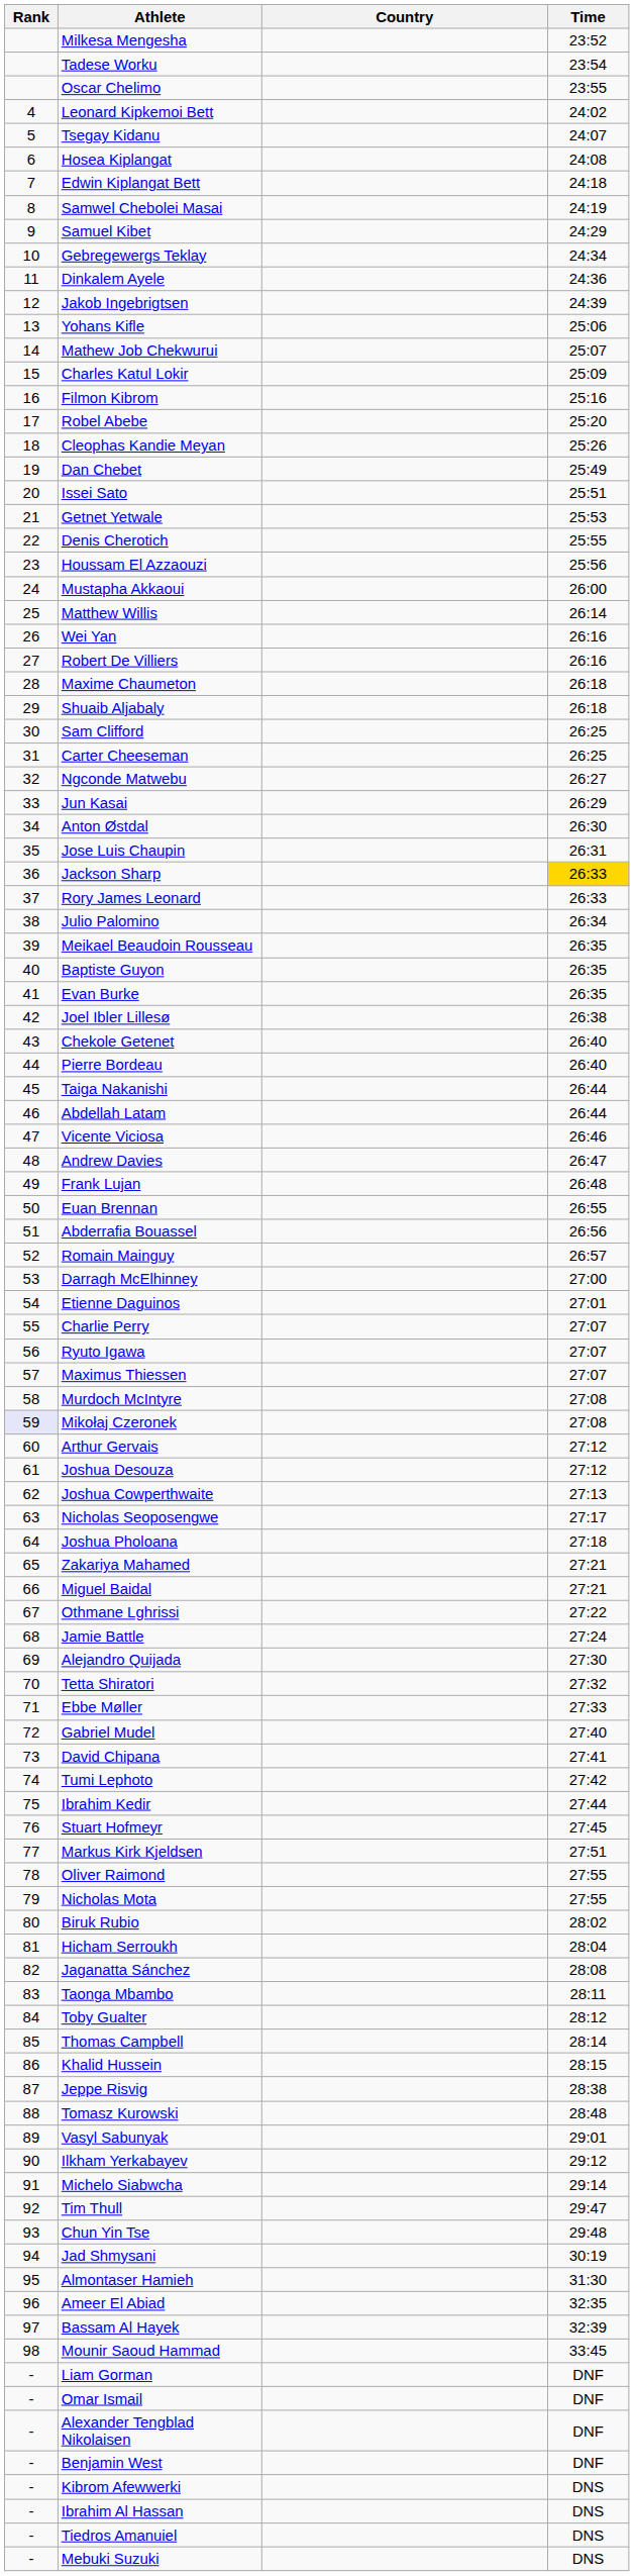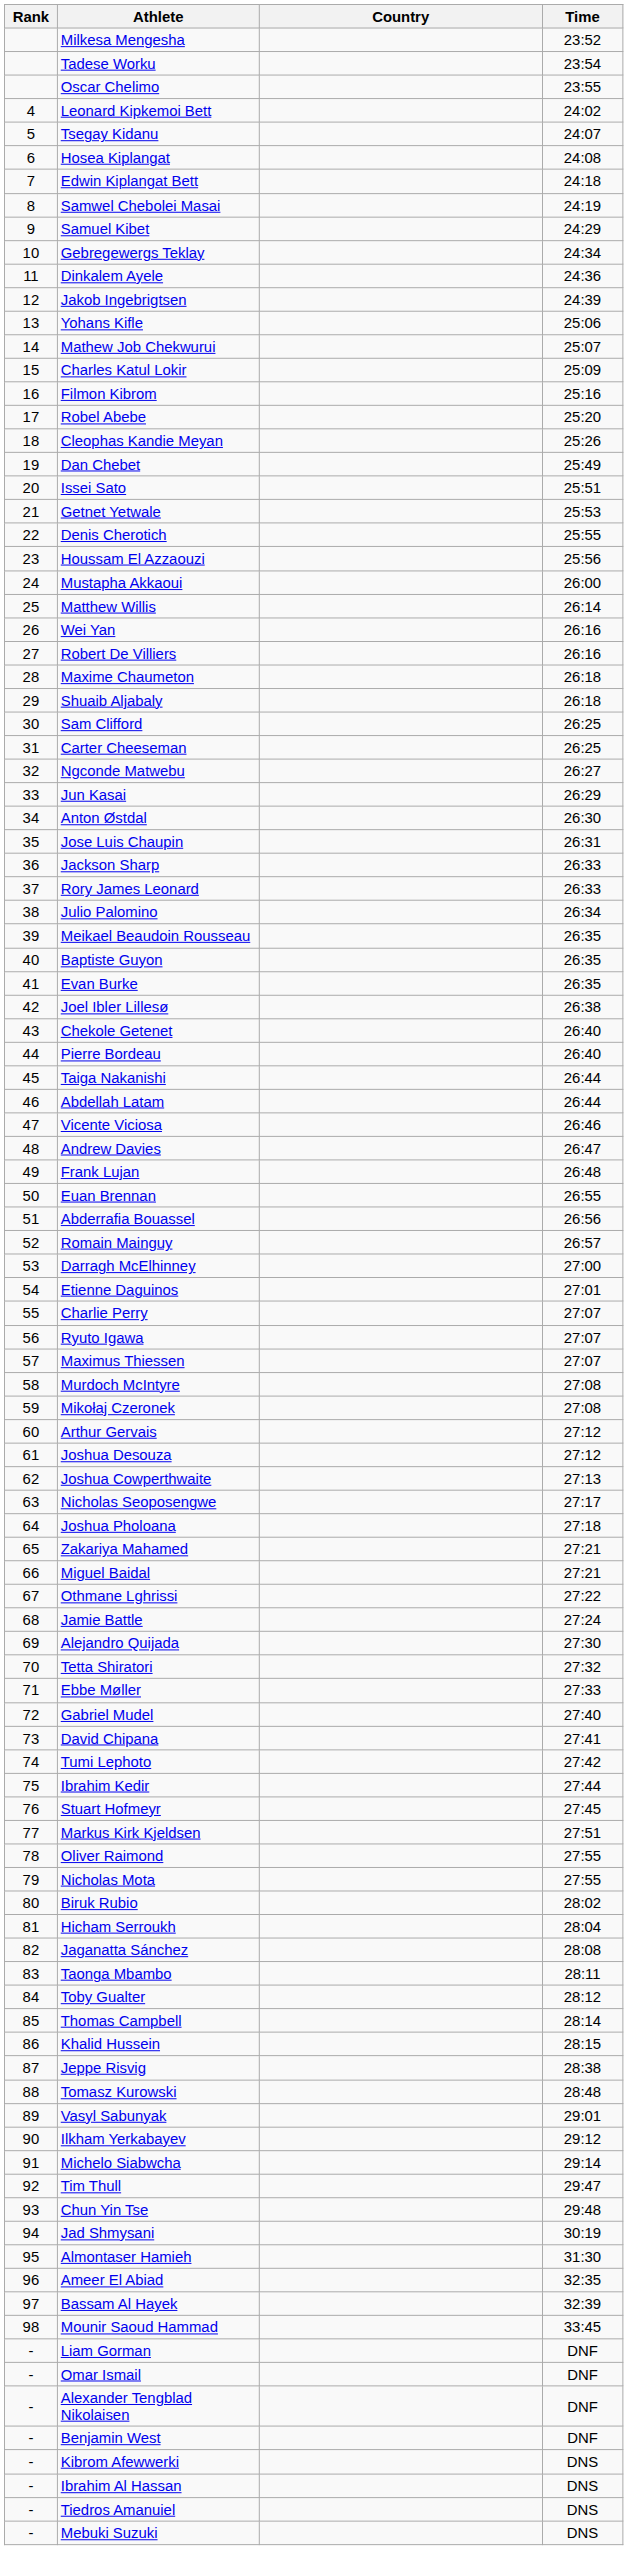 <table class="wikitable sortable" style=" text-align:center; font-size:95%;" width="50%">
 <tr>
 <th width=5%>Rank</th>
 <th width=25%>Athlete</th>
 <th width=35%>Country</th>
 <th width=10%>Time</th>
 </tr>
 <tr>
 <td align=center></td>
 <td align=left><a href='#'>Milkesa Mengesha</a></td>
 <td align=left></td>
 <td>23:52</td>
 </tr>
 <tr>
 <td align=center></td>
 <td align=left><a href='#'>Tadese Worku</a></td>
 <td align=left></td>
 <td>23:54</td>
 </tr>
 <tr>
 <td align=center></td>
 <td align=left><a href='#'>Oscar Chelimo</a></td>
 <td align=left></td>
 <td>23:55</td>
 </tr>
 <tr>
 <td align=center>4</td>
 <td align=left><a href='#'>Leonard Kipkemoi Bett</a></td>
 <td align=left></td>
 <td>24:02</td>
 </tr>
 <tr>
 <td align=center>5</td>
 <td align=left><a href='#'>Tsegay Kidanu</a></td>
 <td align=left></td>
 <td>24:07</td>
 </tr>
 <tr>
 <td align=center>6</td>
 <td align=left><a href='#'>Hosea Kiplangat</a></td>
 <td align=left></td>
 <td>24:08</td>
 </tr>
 <tr>
 <td align=center>7</td>
 <td align=left><a href='#'>Edwin Kiplangat Bett</a></td>
 <td align=left></td>
 <td>24:18</td>
 </tr>
 <tr>
 <td align=center>8</td>
 <td align=left><a href='#'>Samwel Chebolei Masai</a></td>
 <td align=left></td>
 <td>24:19</td>
 </tr>
 <tr>
 <td align=center>9</td>
 <td align=left><a href='#'>Samuel Kibet</a></td>
 <td align=left></td>
 <td>24:29</td>
 </tr>
 <tr>
 <td align=center>10</td>
 <td align=left><a href='#'>Gebregewergs Teklay</a></td>
 <td align=left></td>
 <td>24:34</td>
 </tr>
 <tr>
 <td align=center>11</td>
 <td align=left><a href='#'>Dinkalem Ayele</a></td>
 <td align=left></td>
 <td>24:36</td>
 </tr>
 <tr>
 <td align=center>12</td>
 <td align=left><a href='#'>Jakob Ingebrigtsen</a></td>
 <td align=left></td>
 <td>24:39</td>
 </tr>
 <tr>
 <td align=center>13</td>
 <td align=left><a href='#'>Yohans Kifle</a></td>
 <td align=left></td>
 <td>25:06</td>
 </tr>
 <tr>
 <td align=center>14</td>
 <td align=left><a href='#'>Mathew Job Chekwurui</a></td>
 <td align=left></td>
 <td>25:07</td>
 </tr>
 <tr>
 <td align=center>15</td>
 <td align=left><a href='#'>Charles Katul Lokir</a></td>
 <td align=left></td>
 <td>25:09</td>
 </tr>
 <tr>
 <td align=center>16</td>
 <td align=left><a href='#'>Filmon Kibrom</a></td>
 <td align=left></td>
 <td>25:16</td>
 </tr>
 <tr>
 <td align=center>17</td>
 <td align=left><a href='#'>Robel Abebe</a></td>
 <td align=left></td>
 <td>25:20</td>
 </tr>
 <tr>
 <td align=center>18</td>
 <td align=left><a href='#'>Cleophas Kandie Meyan</a></td>
 <td align=left></td>
 <td>25:26</td>
 </tr>
 <tr>
 <td align=center>19</td>
 <td align=left><a href='#'>Dan Chebet</a></td>
 <td align=left></td>
 <td>25:49</td>
 </tr>
 <tr>
 <td align=center>20</td>
 <td align=left><a href='#'>Issei Sato</a></td>
 <td align=left></td>
 <td>25:51</td>
 </tr>
 <tr>
 <td align=center>21</td>
 <td align=left><a href='#'>Getnet Yetwale</a></td>
 <td align=left></td>
 <td>25:53</td>
 </tr>
 <tr>
 <td align=center>22</td>
 <td align=left><a href='#'>Denis Cherotich</a></td>
 <td align=left></td>
 <td>25:55</td>
 </tr>
 <tr>
 <td align=center>23</td>
 <td align=left><a href='#'>Houssam El Azzaouzi</a></td>
 <td align=left></td>
 <td>25:56</td>
 </tr>
 <tr>
 <td align=center>24</td>
 <td align=left><a href='#'>Mustapha Akkaoui</a></td>
 <td align=left></td>
 <td>26:00</td>
 </tr>
 <tr>
 <td align=center>25</td>
 <td align=left><a href='#'>Matthew Willis</a></td>
 <td align=left></td>
 <td>26:14</td>
 </tr>
 <tr>
 <td align=center>26</td>
 <td align=left><a href='#'>Wei Yan</a></td>
 <td align=left></td>
 <td>26:16</td>
 </tr>
 <tr>
 <td align=center>27</td>
 <td align=left><a href='#'>Robert De Villiers</a></td>
 <td align=left></td>
 <td>26:16</td>
 </tr>
 <tr>
 <td align=center>28</td>
 <td align=left><a href='#'>Maxime Chaumeton</a></td>
 <td align=left></td>
 <td>26:18</td>
 </tr>
 <tr>
 <td align=center>29</td>
 <td align=left><a href='#'>Shuaib Aljabaly</a></td>
 <td align=left></td>
 <td>26:18</td>
 </tr>
 <tr>
 <td align=center>30</td>
 <td align=left><a href='#'>Sam Clifford</a></td>
 <td align=left></td>
 <td>26:25</td>
 </tr>
 <tr>
 <td align=center>31</td>
 <td align=left><a href='#'>Carter Cheeseman</a></td>
 <td align=left></td>
 <td>26:25</td>
 </tr>
 <tr>
 <td align=center>32</td>
 <td align=left><a href='#'>Ngconde Matwebu</a></td>
 <td align=left></td>
 <td>26:27</td>
 </tr>
 <tr>
 <td align=center>33</td>
 <td align=left><a href='#'>Jun Kasai</a></td>
 <td align=left></td>
 <td>26:29</td>
 </tr>
 <tr>
 <td align=center>34</td>
 <td align=left><a href='#'>Anton Østdal</a></td>
 <td align=left></td>
 <td>26:30</td>
 </tr>
 <tr>
 <td align=center>35</td>
 <td align=left><a href='#'>Jose Luis Chaupin</a></td>
 <td align=left></td>
 <td>26:31</td>
 </tr>
 <tr>
 <td align=center>36</td>
 <td align=left><a href='#'>Jackson Sharp</a></td>
 <td align=left></td>
-<td style="background: gold;">26:33</td>
+<td>26:33</td>
 </tr>
 <tr>
 <td align=center>37</td>
 <td align=left><a href='#'>Rory James Leonard</a></td>
 <td align=left></td>
 <td>26:33</td>
 </tr>
 <tr>
 <td align=center>38</td>
 <td align=left><a href='#'>Julio Palomino</a></td>
 <td align=left></td>
 <td>26:34</td>
 </tr>
 <tr>
 <td align=center>39</td>
 <td align=left><a href='#'>Meikael Beaudoin Rousseau</a></td>
 <td align=left></td>
 <td>26:35</td>
 </tr>
 <tr>
 <td align=center>40</td>
 <td align=left><a href='#'>Baptiste Guyon</a></td>
 <td align=left></td>
 <td>26:35</td>
 </tr>
 <tr>
 <td align=center>41</td>
 <td align=left><a href='#'>Evan Burke</a></td>
 <td align=left></td>
 <td>26:35</td>
 </tr>
 <tr>
 <td align=center>42</td>
 <td align=left><a href='#'>Joel Ibler Lillesø</a></td>
 <td align=left></td>
 <td>26:38</td>
 </tr>
 <tr>
 <td align=center>43</td>
 <td align=left><a href='#'>Chekole Getenet</a></td>
 <td align=left></td>
 <td>26:40</td>
 </tr>
 <tr>
 <td align=center>44</td>
 <td align=left><a href='#'>Pierre Bordeau</a></td>
 <td align=left></td>
 <td>26:40</td>
 </tr>
 <tr>
 <td align=center>45</td>
 <td align=left><a href='#'>Taiga Nakanishi</a></td>
 <td align=left></td>
 <td>26:44</td>
 </tr>
 <tr>
 <td align=center>46</td>
 <td align=left><a href='#'>Abdellah Latam</a></td>
 <td align=left></td>
 <td>26:44</td>
 </tr>
 <tr>
 <td align=center>47</td>
 <td align=left><a href='#'>Vicente Viciosa</a></td>
 <td align=left></td>
 <td>26:46</td>
 </tr>
 <tr>
 <td align=center>48</td>
 <td align=left><a href='#'>Andrew Davies</a></td>
 <td align=left></td>
 <td>26:47</td>
 </tr>
 <tr>
 <td align=center>49</td>
 <td align=left><a href='#'>Frank Lujan</a></td>
 <td align=left></td>
 <td>26:48</td>
 </tr>
 <tr>
 <td align=center>50</td>
 <td align=left><a href='#'>Euan Brennan</a></td>
 <td align=left></td>
 <td>26:55</td>
 </tr>
 <tr>
 <td align=center>51</td>
 <td align=left><a href='#'>Abderrafia Bouassel</a></td>
 <td align=left></td>
 <td>26:56</td>
 </tr>
 <tr>
 <td align=center>52</td>
 <td align=left><a href='#'>Romain Mainguy</a></td>
 <td align=left></td>
 <td>26:57</td>
 </tr>
 <tr>
 <td align=center>53</td>
 <td align=left><a href='#'>Darragh McElhinney</a></td>
 <td align=left></td>
 <td>27:00</td>
 </tr>
 <tr>
 <td align=center>54</td>
 <td align=left><a href='#'>Etienne Daguinos</a></td>
 <td align=left></td>
 <td>27:01</td>
 </tr>
 <tr>
 <td align=center>55</td>
 <td align=left><a href='#'>Charlie Perry</a></td>
 <td align=left></td>
 <td>27:07</td>
 </tr>
 <tr>
 <td align=center>56</td>
 <td align=left><a href='#'>Ryuto Igawa</a></td>
 <td align=left></td>
 <td>27:07</td>
 </tr>
 <tr>
 <td align=center>57</td>
 <td align=left><a href='#'>Maximus Thiessen</a></td>
 <td align=left></td>
 <td>27:07</td>
 </tr>
 <tr>
 <td align=center>58</td>
 <td align=left><a href='#'>Murdoch McIntyre</a></td>
 <td align=left></td>
 <td>27:08</td>
 </tr>
 <tr>
-<td align=center style="background: lavender;">59</td>
+<td align=center>59</td>
 <td align=left><a href='#'>Mikołaj Czeronek</a></td>
 <td align=left></td>
 <td>27:08</td>
 </tr>
 <tr>
 <td align=center>60</td>
 <td align=left><a href='#'>Arthur Gervais</a></td>
 <td align=left></td>
 <td>27:12</td>
 </tr>
 <tr>
 <td align=center>61</td>
 <td align=left><a href='#'>Joshua Desouza</a></td>
 <td align=left></td>
 <td>27:12</td>
 </tr>
 <tr>
 <td align=center>62</td>
 <td align=left><a href='#'>Joshua Cowperthwaite</a></td>
 <td align=left></td>
 <td>27:13</td>
 </tr>
 <tr>
 <td align=center>63</td>
 <td align=left><a href='#'>Nicholas Seoposengwe</a></td>
 <td align=left></td>
 <td>27:17</td>
 </tr>
 <tr>
 <td align=center>64</td>
 <td align=left><a href='#'>Joshua Pholoana</a></td>
 <td align=left></td>
 <td>27:18</td>
 </tr>
 <tr>
 <td align=center>65</td>
 <td align=left><a href='#'>Zakariya Mahamed</a></td>
 <td align=left></td>
 <td>27:21</td>
 </tr>
 <tr>
 <td align=center>66</td>
 <td align=left><a href='#'>Miguel Baidal</a></td>
 <td align=left></td>
 <td>27:21</td>
 </tr>
 <tr>
 <td align=center>67</td>
 <td align=left><a href='#'>Othmane Lghrissi</a></td>
 <td align=left></td>
 <td>27:22</td>
 </tr>
 <tr>
 <td align=center>68</td>
 <td align=left><a href='#'>Jamie Battle</a></td>
 <td align=left></td>
 <td>27:24</td>
 </tr>
 <tr>
 <td align=center>69</td>
 <td align=left><a href='#'>Alejandro Quijada</a></td>
 <td align=left></td>
 <td>27:30</td>
 </tr>
 <tr>
 <td align=center>70</td>
 <td align=left><a href='#'>Tetta Shiratori</a></td>
 <td align=left></td>
 <td>27:32</td>
 </tr>
 <tr>
 <td align=center>71</td>
 <td align=left><a href='#'>Ebbe Møller</a></td>
 <td align=left></td>
 <td>27:33</td>
 </tr>
 <tr>
 <td align=center>72</td>
 <td align=left><a href='#'>Gabriel Mudel</a></td>
 <td align=left></td>
 <td>27:40</td>
 </tr>
 <tr>
 <td align=center>73</td>
 <td align=left><a href='#'>David Chipana</a></td>
 <td align=left></td>
 <td>27:41</td>
 </tr>
 <tr>
 <td align=center>74</td>
 <td align=left><a href='#'>Tumi Lephoto</a></td>
 <td align=left></td>
 <td>27:42</td>
 </tr>
 <tr>
 <td align=center>75</td>
 <td align=left><a href='#'>Ibrahim Kedir</a></td>
 <td align=left></td>
 <td>27:44</td>
 </tr>
 <tr>
 <td align=center>76</td>
 <td align=left><a href='#'>Stuart Hofmeyr</a></td>
 <td align=left></td>
 <td>27:45</td>
 </tr>
 <tr>
 <td align=center>77</td>
 <td align=left><a href='#'>Markus Kirk Kjeldsen</a></td>
 <td align=left></td>
 <td>27:51</td>
 </tr>
 <tr>
 <td align=center>78</td>
 <td align=left><a href='#'>Oliver Raimond</a></td>
 <td align=left></td>
 <td>27:55</td>
 </tr>
 <tr>
 <td align=center>79</td>
 <td align=left><a href='#'>Nicholas Mota</a></td>
 <td align=left></td>
 <td>27:55</td>
 </tr>
 <tr>
 <td align=center>80</td>
 <td align=left><a href='#'>Biruk Rubio</a></td>
 <td align=left></td>
 <td>28:02</td>
 </tr>
 <tr>
 <td align=center>81</td>
 <td align=left><a href='#'>Hicham Serroukh</a></td>
 <td align=left></td>
 <td>28:04</td>
 </tr>
 <tr>
 <td align=center>82</td>
 <td align=left><a href='#'>Jaganatta Sánchez</a></td>
 <td align=left></td>
 <td>28:08</td>
 </tr>
 <tr>
 <td align=center>83</td>
 <td align=left><a href='#'>Taonga Mbambo</a></td>
 <td align=left></td>
 <td>28:11</td>
 </tr>
 <tr>
 <td align=center>84</td>
 <td align=left><a href='#'>Toby Gualter</a></td>
 <td align=left></td>
 <td>28:12</td>
 </tr>
 <tr>
 <td align=center>85</td>
 <td align=left><a href='#'>Thomas Campbell</a></td>
 <td align=left></td>
 <td>28:14</td>
 </tr>
 <tr>
 <td align=center>86</td>
 <td align=left><a href='#'>Khalid Hussein</a></td>
 <td align=left></td>
 <td>28:15</td>
 </tr>
 <tr>
 <td align=center>87</td>
 <td align=left><a href='#'>Jeppe Risvig</a></td>
 <td align=left></td>
 <td>28:38</td>
 </tr>
 <tr>
 <td align=center>88</td>
 <td align=left><a href='#'>Tomasz Kurowski</a></td>
 <td align=left></td>
 <td>28:48</td>
 </tr>
 <tr>
 <td align=center>89</td>
 <td align=left><a href='#'>Vasyl Sabunyak</a></td>
 <td align=left></td>
 <td>29:01</td>
 </tr>
 <tr>
 <td align=center>90</td>
 <td align=left><a href='#'>Ilkham Yerkabayev</a></td>
 <td align=left></td>
 <td>29:12</td>
 </tr>
 <tr>
 <td align=center>91</td>
 <td align=left><a href='#'>Michelo Siabwcha</a></td>
 <td align=left></td>
 <td>29:14</td>
 </tr>
 <tr>
 <td align=center>92</td>
 <td align=left><a href='#'>Tim Thull</a></td>
 <td align=left></td>
 <td>29:47</td>
 </tr>
 <tr>
 <td align=center>93</td>
 <td align=left><a href='#'>Chun Yin Tse</a></td>
 <td align=left></td>
 <td>29:48</td>
 </tr>
 <tr>
 <td align=center>94</td>
 <td align=left><a href='#'>Jad Shmysani</a></td>
 <td align=left></td>
 <td>30:19</td>
 </tr>
 <tr>
 <td align=center>95</td>
 <td align=left><a href='#'>Almontaser Hamieh</a></td>
 <td align=left></td>
 <td>31:30</td>
 </tr>
 <tr>
 <td align=center>96</td>
 <td align=left><a href='#'>Ameer El Abiad</a></td>
 <td align=left></td>
 <td>32:35</td>
 </tr>
 <tr>
 <td align=center>97</td>
 <td align=left><a href='#'>Bassam Al Hayek</a></td>
 <td align=left></td>
 <td>32:39</td>
 </tr>
 <tr>
 <td align=center>98</td>
 <td align=left><a href='#'>Mounir Saoud Hammad</a></td>
 <td align=left></td>
 <td>33:45</td>
 </tr>
 <tr>
 <td align=center>-</td>
 <td align=left><a href='#'>Liam Gorman</a></td>
 <td align=left></td>
 <td>DNF</td>
 </tr>
 <tr>
 <td align=center>-</td>
 <td align=left><a href='#'>Omar Ismail</a></td>
 <td align=left></td>
 <td>DNF</td>
 </tr>
 <tr>
 <td align=center>-</td>
 <td align=left><a href='#'>Alexander Tengblad Nikolaisen</a></td>
 <td align=left></td>
 <td>DNF</td>
 </tr>
 <tr>
 <td align=center>-</td>
 <td align=left><a href='#'>Benjamin West</a></td>
 <td align=left></td>
 <td>DNF</td>
 </tr>
 <tr>
 <td align=center>-</td>
 <td align=left><a href='#'>Kibrom Afewwerki</a></td>
 <td align=left></td>
 <td>DNS</td>
 </tr>
 <tr>
 <td align=center>-</td>
 <td align=left><a href='#'>Ibrahim Al Hassan</a></td>
 <td align=left></td>
 <td>DNS</td>
 </tr>
 <tr>
 <td align=center>-</td>
 <td align=left><a href='#'>Tiedros Amanuiel</a></td>
 <td align=left></td>
 <td>DNS</td>
 </tr>
 <tr>
 <td align=center>-</td>
 <td align=left><a href='#'>Mebuki Suzuki</a></td>
 <td align=left></td>
 <td>DNS</td>
 </tr>
 </table>
